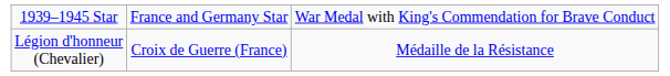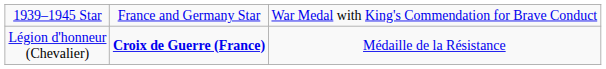 <table class="wikitable" style="margin:1em auto; text-align:center;">
 <tr>
 <td><a href='#'>1939–1945 Star</a></td>
 <td><a href='#'>France and Germany Star</a></td>
 <td><a href='#'>War Medal</a> with <a href='#'>King's Commendation for Brave Conduct</a></td>
 </tr>
 <tr>
 <td><a href='#'>Légion d'honneur</a><br>(Chevalier)</td>
-<td><a href='#'>Croix de Guerre (France)</a></td>
+<td><strong><a href='#'>Croix de Guerre (France)</a></strong></td>
 <td><a href='#'>Médaille de la Résistance</a></td>
 </tr>
 </table>
